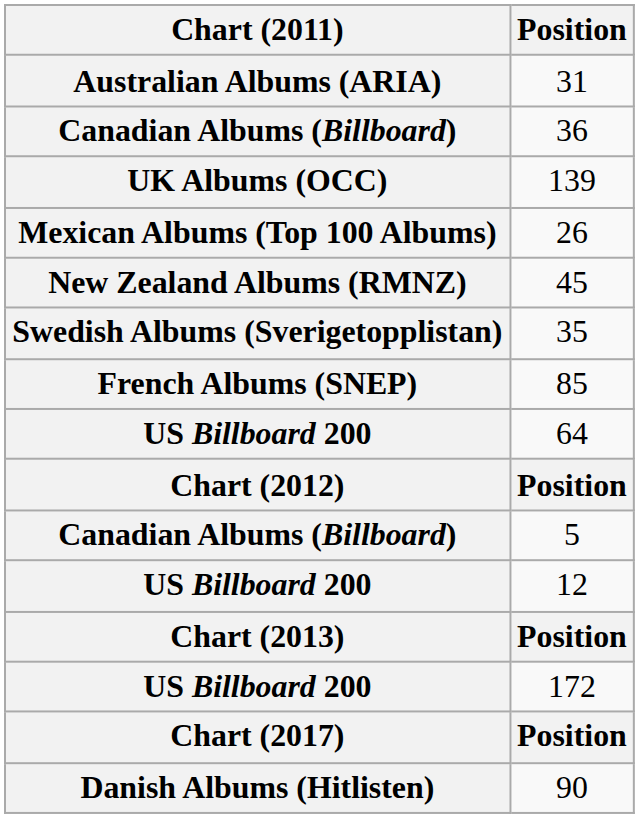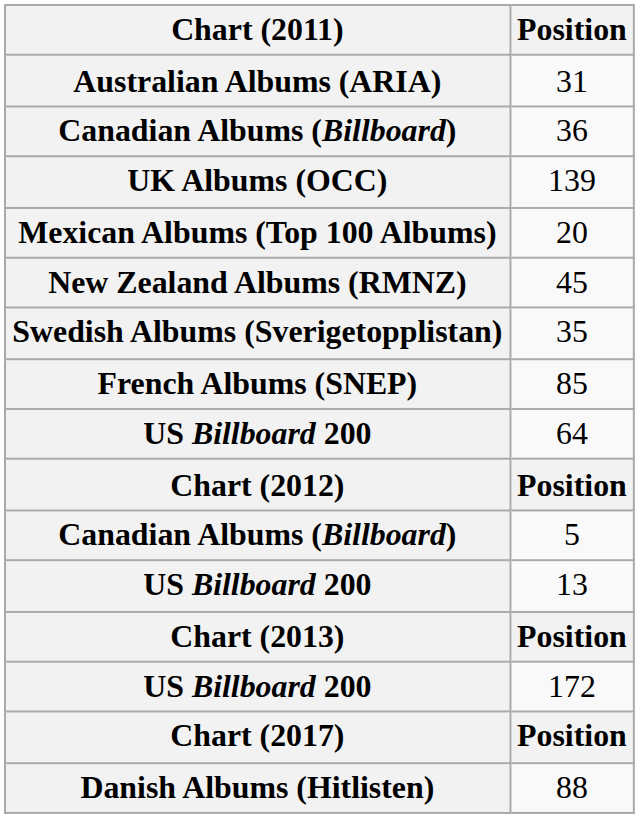 <table class="wikitable plainrowheaders" style="text-align:center">
 <tr>
 <th scope="col">Chart (2011)</th>
 <th scope="col">Position</th>
 </tr>
 <tr>
 <th scope="row">Australian Albums (ARIA)</th>
 <td>31</td>
 </tr>
 <tr>
 <th scope="row">Canadian Albums (<em>Billboard</em>)</th>
 <td>36</td>
 </tr>
 <tr>
 <th scope="row">UK Albums (OCC)</th>
 <td>139</td>
 </tr>
 <tr>
 <th scope="row">Mexican Albums (Top 100 Albums)</th>
-<td>26</td>
+<td>20</td>
 </tr>
 <tr>
 <th scope="row">New Zealand Albums (RMNZ)</th>
 <td>45</td>
 </tr>
 <tr>
 <th scope="row">Swedish Albums (Sverigetopplistan)</th>
 <td>35</td>
 </tr>
 <tr>
 <th scope="row">French Albums (SNEP)</th>
 <td>85</td>
 </tr>
 <tr>
 <th scope="row">US <em>Billboard</em> 200</th>
 <td>64</td>
 </tr>
 <tr>
 <th scope="col">Chart (2012)</th>
 <th scope="col">Position</th>
 </tr>
 <tr>
 <th scope="row">Canadian Albums (<em>Billboard</em>)</th>
 <td>5</td>
 </tr>
 <tr>
 <th scope="row">US <em>Billboard</em> 200</th>
-<td>12</td>
+<td>13</td>
 </tr>
 <tr>
 <th scope="col">Chart (2013)</th>
 <th scope="col">Position</th>
 </tr>
 <tr>
 <th scope="row">US <em>Billboard</em> 200</th>
 <td>172</td>
 </tr>
 <tr>
 <th scope="col">Chart (2017)</th>
 <th scope="col">Position</th>
 </tr>
 <tr>
 <th scope="row">Danish Albums (Hitlisten)</th>
-<td>90</td>
+<td>88</td>
 </tr>
 </table>
